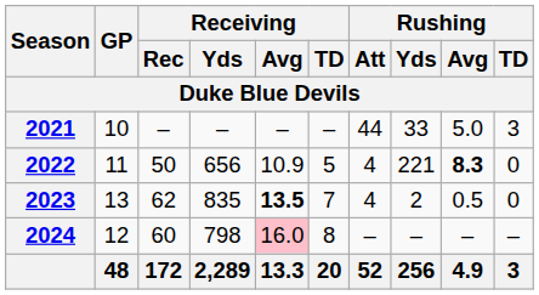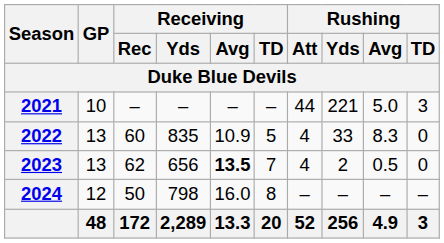 <table class="wikitable" style="text-align:center;">
 <tr>
 <th rowspan="2">Season</th>
 <th rowspan="2">GP</th>
 <th colspan="4">Receiving</th>
 <th colspan="4">Rushing</th>
 </tr>
 <tr>
 <th>Rec</th>
 <th>Yds</th>
 <th>Avg</th>
 <th>TD</th>
 <th>Att</th>
 <th>Yds</th>
 <th>Avg</th>
 <th>TD</th>
 </tr>
 <tr>
 <th colspan="11">Duke Blue Devils</th>
 </tr>
 <tr>
 <th><a href='#'>2021</a></th>
 <td>10</td>
 <td>–</td>
 <td>–</td>
 <td>–</td>
 <td>–</td>
 <td>44</td>
-<td>33</td>
+<td>221</td>
 <td>5.0</td>
 <td>3</td>
 </tr>
 <tr>
 <th><a href='#'>2022</a></th>
-<td>11</td>
-<td>50</td>
-<td>656</td>
+<td>13</td>
+<td>60</td>
+<td>835</td>
 <td>10.9</td>
 <td>5</td>
 <td>4</td>
-<td>221</td>
-<td><strong>8.3</strong></td>
+<td>33</td>
+<td>8.3</td>
 <td>0</td>
 </tr>
 <tr>
 <th><a href='#'>2023</a></th>
 <td>13</td>
 <td>62</td>
-<td>835</td>
+<td>656</td>
 <td><strong>13.5</strong></td>
 <td>7</td>
 <td>4</td>
 <td>2</td>
 <td>0.5</td>
 <td>0</td>
 </tr>
 <tr>
 <th><a href='#'>2024</a></th>
 <td>12</td>
-<td>60</td>
+<td>50</td>
 <td>798</td>
-<td style="background: pink;">16.0</td>
+<td>16.0</td>
 <td>8</td>
 <td>–</td>
 <td>–</td>
 <td>–</td>
 <td>–</td>
 </tr>
 <tr>
 <th></th>
 <th>48</th>
 <th>172</th>
 <th>2,289</th>
 <th>13.3</th>
 <th>20</th>
 <th>52</th>
 <th>256</th>
 <th>4.9</th>
 <th>3</th>
 </tr>
 </table>
